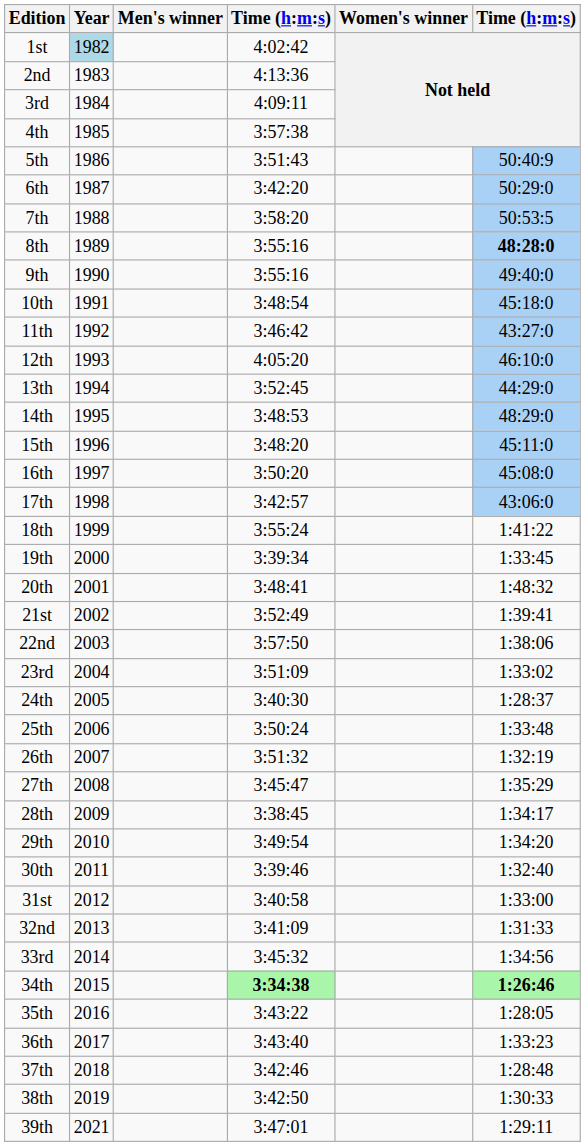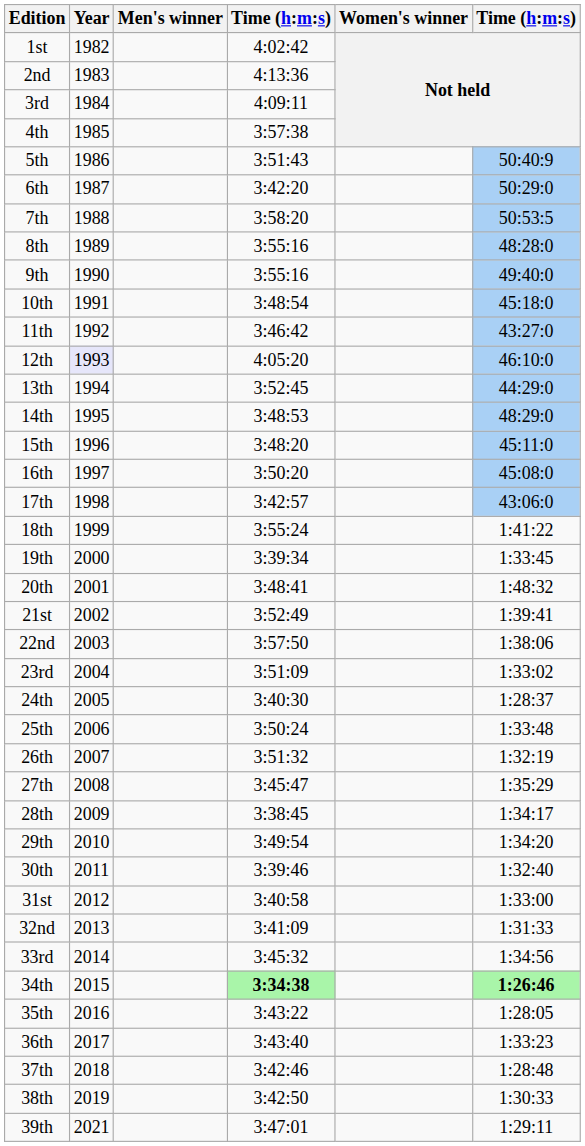 <table class="wikitable sortable" style="text-align:center">
 <tr>
 <th class=unsortable>Edition</th>
 <th>Year</th>
 <th class=unsortable>Men's winner</th>
 <th>Time (<a href='#'>h</a>:<a href='#'>m</a>:<a href='#'>s</a>)</th>
 <th class=unsortable>Women's winner</th>
 <th>Time (<a href='#'>h</a>:<a href='#'>m</a>:<a href='#'>s</a>)</th>
 </tr>
 <tr>
 <td>1st</td>
-<td style="background: lightblue;">1982</td>
+<td>1982</td>
 <td align=left></td>
 <td>4:02:42</td>
 <th colspan=2 rowspan=4>Not held</th>
 </tr>
 <tr>
 <td>2nd</td>
 <td>1983</td>
 <td align=left></td>
 <td>4:13:36</td>
 </tr>
 <tr>
 <td>3rd</td>
 <td>1984</td>
 <td align=left></td>
 <td>4:09:11</td>
 </tr>
 <tr>
 <td>4th</td>
 <td>1985</td>
 <td align=left></td>
 <td>3:57:38</td>
 </tr>
 <tr>
 <td>5th</td>
 <td>1986</td>
 <td align=left></td>
 <td>3:51:43</td>
 <td align=left></td>
 <td bgcolor=#A9D0F5>50:40:9</td>
 </tr>
 <tr>
 <td>6th</td>
 <td>1987</td>
 <td align=left></td>
 <td>3:42:20</td>
 <td align=left></td>
 <td bgcolor=#A9D0F5>50:29:0</td>
 </tr>
 <tr>
 <td>7th</td>
 <td>1988</td>
 <td align=left></td>
 <td>3:58:20</td>
 <td align=left></td>
 <td bgcolor=#A9D0F5>50:53:5</td>
 </tr>
 <tr>
 <td>8th</td>
 <td>1989</td>
 <td align=left></td>
 <td>3:55:16</td>
 <td align=left></td>
-<td bgcolor=#A9D0F5><strong>48:28:0</strong></td>
+<td bgcolor=#A9D0F5>48:28:0</td>
 </tr>
 <tr>
 <td>9th</td>
 <td>1990</td>
 <td align=left></td>
 <td>3:55:16</td>
 <td align=left></td>
 <td bgcolor=#A9D0F5>49:40:0</td>
 </tr>
 <tr>
 <td>10th</td>
 <td>1991</td>
 <td align=left></td>
 <td>3:48:54</td>
 <td align=left></td>
 <td bgcolor=#A9D0F5>45:18:0</td>
 </tr>
 <tr>
 <td>11th</td>
 <td>1992</td>
 <td align=left></td>
 <td>3:46:42</td>
 <td align=left></td>
 <td bgcolor=#A9D0F5>43:27:0</td>
 </tr>
 <tr>
 <td>12th</td>
-<td>1993</td>
+<td style="background: lavender;">1993</td>
 <td align=left></td>
 <td>4:05:20</td>
 <td align=left></td>
 <td bgcolor=#A9D0F5>46:10:0</td>
 </tr>
 <tr>
 <td>13th</td>
 <td>1994</td>
 <td align=left></td>
 <td>3:52:45</td>
 <td align=left></td>
 <td bgcolor=#A9D0F5>44:29:0</td>
 </tr>
 <tr>
 <td>14th</td>
 <td>1995</td>
 <td align=left></td>
 <td>3:48:53</td>
 <td align=left></td>
 <td bgcolor=#A9D0F5>48:29:0</td>
 </tr>
 <tr>
 <td>15th</td>
 <td>1996</td>
 <td align=left></td>
 <td>3:48:20</td>
 <td align=left></td>
 <td bgcolor=#A9D0F5>45:11:0</td>
 </tr>
 <tr>
 <td>16th</td>
 <td>1997</td>
 <td align=left></td>
 <td>3:50:20</td>
 <td align=left></td>
 <td bgcolor=#A9D0F5>45:08:0</td>
 </tr>
 <tr>
 <td>17th</td>
 <td>1998</td>
 <td align=left></td>
 <td>3:42:57</td>
 <td align=left></td>
 <td bgcolor=#A9D0F5>43:06:0</td>
 </tr>
 <tr>
 <td>18th</td>
 <td>1999</td>
 <td align=left></td>
 <td>3:55:24</td>
 <td align=left></td>
 <td>1:41:22</td>
 </tr>
 <tr>
 <td>19th</td>
 <td>2000</td>
 <td align=left></td>
 <td>3:39:34</td>
 <td align=left></td>
 <td>1:33:45</td>
 </tr>
 <tr>
 <td>20th</td>
 <td>2001</td>
 <td align=left></td>
 <td>3:48:41</td>
 <td align=left></td>
 <td>1:48:32</td>
 </tr>
 <tr>
 <td>21st</td>
 <td>2002</td>
 <td align=left></td>
 <td>3:52:49</td>
 <td align=left></td>
 <td>1:39:41</td>
 </tr>
 <tr>
 <td>22nd</td>
 <td>2003</td>
 <td align=left></td>
 <td>3:57:50</td>
 <td align=left></td>
 <td>1:38:06</td>
 </tr>
 <tr>
 <td>23rd</td>
 <td>2004</td>
 <td align=left></td>
 <td>3:51:09</td>
 <td align=left></td>
 <td>1:33:02</td>
 </tr>
 <tr>
 <td>24th</td>
 <td>2005</td>
 <td align=left></td>
 <td>3:40:30</td>
 <td align=left></td>
 <td>1:28:37</td>
 </tr>
 <tr>
 <td>25th</td>
 <td>2006</td>
 <td align=left></td>
 <td>3:50:24</td>
 <td align=left></td>
 <td>1:33:48</td>
 </tr>
 <tr>
 <td>26th</td>
 <td>2007</td>
 <td align=left></td>
 <td>3:51:32</td>
 <td align=left></td>
 <td>1:32:19</td>
 </tr>
 <tr>
 <td>27th</td>
 <td>2008</td>
 <td align=left></td>
 <td>3:45:47</td>
 <td align=left></td>
 <td>1:35:29</td>
 </tr>
 <tr>
 <td>28th</td>
 <td>2009</td>
 <td align=left></td>
 <td>3:38:45</td>
 <td align=left></td>
 <td>1:34:17</td>
 </tr>
 <tr>
 <td>29th</td>
 <td>2010</td>
 <td align=left></td>
 <td>3:49:54</td>
 <td align=left></td>
 <td>1:34:20</td>
 </tr>
 <tr>
 <td>30th</td>
 <td>2011</td>
 <td align=left></td>
 <td>3:39:46</td>
 <td align=left></td>
 <td>1:32:40</td>
 </tr>
 <tr>
 <td>31st</td>
 <td>2012</td>
 <td align=left></td>
 <td>3:40:58</td>
 <td align=left></td>
 <td>1:33:00</td>
 </tr>
 <tr>
 <td>32nd</td>
 <td>2013</td>
 <td align=left></td>
 <td>3:41:09</td>
 <td align=left></td>
 <td>1:31:33</td>
 </tr>
 <tr>
 <td>33rd</td>
 <td>2014</td>
 <td align=left></td>
 <td>3:45:32</td>
 <td align=left></td>
 <td>1:34:56</td>
 </tr>
 <tr>
 <td>34th</td>
 <td>2015</td>
 <td align=left></td>
 <td bgcolor=#A9F5A9><strong>3:34:38</strong></td>
 <td align=left></td>
 <td bgcolor=#A9F5A9><strong>1:26:46</strong></td>
 </tr>
 <tr>
 <td>35th</td>
 <td>2016</td>
 <td align=left></td>
 <td>3:43:22</td>
 <td align=left></td>
 <td>1:28:05</td>
 </tr>
 <tr>
 <td>36th</td>
 <td>2017</td>
 <td align=left></td>
 <td>3:43:40</td>
 <td align=left></td>
 <td>1:33:23</td>
 </tr>
 <tr>
 <td>37th</td>
 <td>2018</td>
 <td align=left></td>
 <td>3:42:46</td>
 <td align=left></td>
 <td>1:28:48</td>
 </tr>
 <tr>
 <td>38th</td>
 <td>2019</td>
 <td align=left></td>
 <td>3:42:50</td>
 <td align=left></td>
 <td>1:30:33</td>
 </tr>
 <tr>
 <td>39th</td>
 <td>2021</td>
 <td align=left></td>
 <td>3:47:01</td>
 <td align=left></td>
 <td>1:29:11</td>
 </tr>
 </table>
